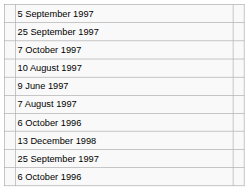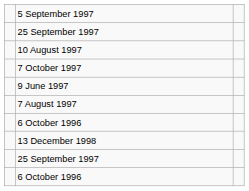 <table class="wikitable" style="font-size: 89%; float: left; width: 26em; margin-right: 1em; height: 280px;">
 <tr>
 <td></td>
 <td>5 September 1997</td>
 <td></td>
 </tr>
 <tr>
 <td></td>
 <td>25 September 1997</td>
 <td></td>
 </tr>
 <tr>
 <td></td>
-<td>7 October 1997</td>
+<td>10 August 1997</td>
 <td></td>
 </tr>
 <tr>
 <td></td>
-<td>10 August 1997</td>
+<td>7 October 1997</td>
 <td></td>
 </tr>
 <tr>
 <td></td>
 <td>9 June 1997</td>
 <td></td>
 </tr>
 <tr>
 <td></td>
 <td>7 August 1997</td>
 <td></td>
 </tr>
 <tr>
 <td></td>
 <td>6 October 1996</td>
 <td></td>
 </tr>
 <tr>
 <td></td>
 <td>13 December 1998</td>
 <td></td>
 </tr>
 <tr>
 <td></td>
 <td>25 September 1997</td>
 <td></td>
 </tr>
 <tr>
 <td></td>
 <td>6 October 1996</td>
 <td></td>
 </tr>
 </table>
